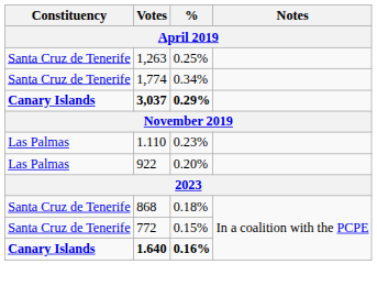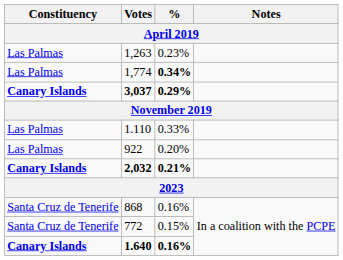 <table class="wikitable" style="display: inline-table;">
 <tr>
 <th>Constituency</th>
 <th>Votes</th>
 <th>%</th>
 <th>Notes</th>
 </tr>
 <tr>
 <th colspan="4"><a href='#'>April 2019</a></th>
 </tr>
 <tr>
-<td><a href='#'>Santa Cruz de Tenerife</a></td>
+<td><a href='#'>Las Palmas</a></td>
 <td>1,263</td>
-<td>0.25%</td>
+<td>0.23%</td>
 <td></td>
 </tr>
 <tr>
-<td><a href='#'>Santa Cruz de Tenerife</a></td>
+<td><a href='#'>Las Palmas</a></td>
 <td>1,774</td>
-<td>0.34%</td>
+<td><strong>0.34%</strong></td>
 <td></td>
 </tr>
 <tr>
 <td><strong><a href='#'>Canary Islands</a></strong></td>
 <td><strong>3,037</strong></td>
 <td><strong>0.29%</strong></td>
 <td></td>
 </tr>
 <tr>
 <th colspan="4"><a href='#'>November 2019</a></th>
 </tr>
 <tr>
 <td><a href='#'>Las Palmas</a></td>
 <td>1.110</td>
-<td>0.23%</td>
+<td>0.33%</td>
 <td></td>
 </tr>
 <tr>
 <td><a href='#'>Las Palmas</a></td>
 <td>922</td>
 <td>0.20%</td>
 <td></td>
 </tr>
 <tr>
+<td><strong><a href='#'>Canary Islands</a></strong></td>
+<td><strong>2,032</strong></td>
+<td><strong>0.21%</strong></td>
+<td></td>
+</tr>
+<tr>
 <th colspan="4"><a href='#'>2023</a></th>
 </tr>
 <tr>
 <td><a href='#'>Santa Cruz de Tenerife</a></td>
 <td>868</td>
-<td>0.18%</td>
+<td>0.16%</td>
 <td rowspan="3">In a coalition with the <a href='#'>PCPE</a></td>
 </tr>
 <tr>
 <td><a href='#'>Santa Cruz de Tenerife</a></td>
 <td>772</td>
 <td>0.15%</td>
 </tr>
 <tr>
 <td><strong><a href='#'>Canary Islands</a></strong></td>
 <td><strong>1.640</strong></td>
 <td><strong>0.16%</strong></td>
 </tr>
 </table>
